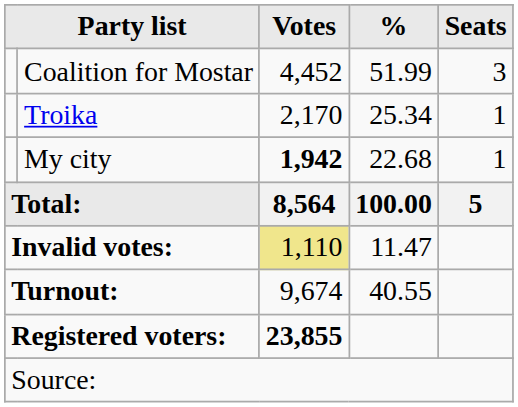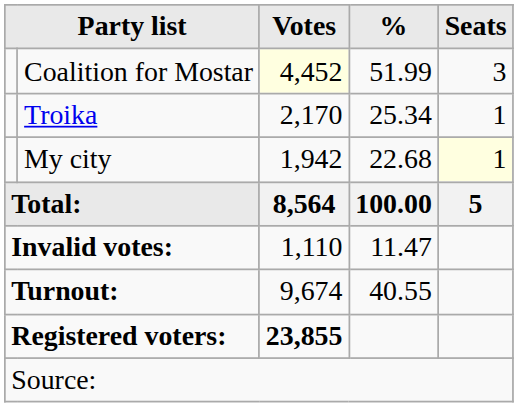 <table class="wikitable" border="1">
 <tr>
 <th colspan="2" align="center" style="background-color:#E9E9E9">Party list</th>
 <th align="center" style="background-color:#E9E9E9">Votes</th>
 <th align="center" style="background-color:#E9E9E9">%</th>
 <th align="center" style="background-color:#E9E9E9">Seats</th>
 </tr>
 <tr>
 <td></td>
 <td align="left">Coalition for Mostar</td>
-<td align="right">4,452</td>
+<td align="right" style="background: lightyellow;">4,452</td>
 <td align="right">51.99</td>
 <td align="right">3</td>
 </tr>
 <tr>
 <td></td>
 <td align="left"><a href='#'>Troika</a></td>
 <td align="right">2,170</td>
 <td align="right">25.34</td>
 <td align="right">1</td>
 </tr>
 <tr>
 <td></td>
 <td align="left">My city</td>
-<td align="right"><strong>1,942</strong></td>
+<td align="right">1,942</td>
 <td align="right">22.68</td>
-<td align="right">1</td>
+<td align="right" style="background: lightyellow;">1</td>
 </tr>
 <tr style="background-color:#E9E9E9">
 <td colspan="2" align="left"><strong>Total:</strong></td>
 <th align="right">8,564</th>
 <th align="right">100.00</th>
 <th align="right">5</th>
 </tr>
 <tr>
 <td colspan="2" align="left"><strong>Invalid votes:</strong></td>
-<td align="right" style="background: khaki;">1,110</td>
+<td align="right">1,110</td>
 <td align="right">11.47</td>
 <td align="right"></td>
 </tr>
 <tr>
 <td colspan="2" align="left"><strong>Turnout:</strong></td>
 <td align="right">9,674</td>
 <td align="right">40.55</td>
 <td align="right"></td>
 </tr>
 <tr>
 <td colspan="2" align="left"><strong>Registered voters:</strong></td>
 <td align="right"><strong>23,855</strong></td>
 <td align="right"></td>
 <td align="right"></td>
 </tr>
 <tr>
 <td colspan="5" align="left">Source: </td>
 </tr>
 </table>
